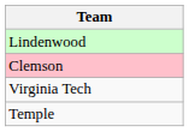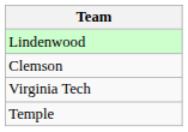 <table class="wikitable" style="text-align: center;">
 <tr>
 <th width="180">Team</th>
 </tr>
 <tr bgcolor=#ccffcc>
 <td align="left">Lindenwood</td>
 </tr>
 <tr>
-<td align="left" style="background: pink;">Clemson</td>
+<td align="left">Clemson</td>
 </tr>
 <tr>
 <td align="left">Virginia Tech</td>
 </tr>
 <tr>
 <td align="left">Temple</td>
 </tr>
 </table>
